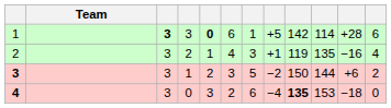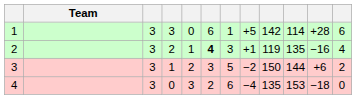 <table class=wikitable style="text-align: center;">
 <tr>
 <th style="width: 20px;"></th>
 <th style="width: 160px;">Team</th>
 <th style="width: 20px;"></th>
 <th style="width: 20px;"></th>
 <th style="width: 20px;"></th>
 <th style="width: 20px;"></th>
 <th style="width: 20px;"></th>
 <th style="width: 20px;"></th>
 <th style="width: 20px;"></th>
 <th style="width: 20px;"></th>
 <th style="width: 20px;"></th>
 <th style="width: 20px;"></th>
 </tr>
 <tr style="background: #CCFFCC;">
 <td>1</td>
 <td style="text-align: left;"></td>
-<td><strong>3</strong></td>
 <td>3</td>
-<td><strong>0</strong></td>
+<td>3</td>
+<td>0</td>
 <td>6</td>
 <td>1</td>
 <td>+5</td>
 <td>142</td>
 <td>114</td>
 <td>+28</td>
 <td>6</td>
 </tr>
 <tr style="background: #CCFFCC;">
 <td>2</td>
 <td style="text-align: left;"></td>
 <td>3</td>
 <td>2</td>
 <td>1</td>
-<td>4</td>
+<td><strong>4</strong></td>
 <td>3</td>
 <td>+1</td>
 <td>119</td>
 <td>135</td>
 <td>−16</td>
 <td>4</td>
 </tr>
 <tr style="background: #FFCCCC;">
-<td><strong>3</strong></td>
+<td>3</td>
 <td style="text-align: left;"></td>
 <td>3</td>
 <td>1</td>
 <td>2</td>
 <td>3</td>
 <td>5</td>
 <td>−2</td>
 <td>150</td>
 <td>144</td>
 <td>+6</td>
 <td>2</td>
 </tr>
 <tr style="background: #FFCCCC;">
-<td><strong>4</strong></td>
+<td>4</td>
 <td style="text-align: left;"></td>
 <td>3</td>
 <td>0</td>
 <td>3</td>
 <td>2</td>
 <td>6</td>
 <td>−4</td>
-<td><strong>135</strong></td>
+<td>135</td>
 <td>153</td>
 <td>−18</td>
 <td>0</td>
 </tr>
 </table>
